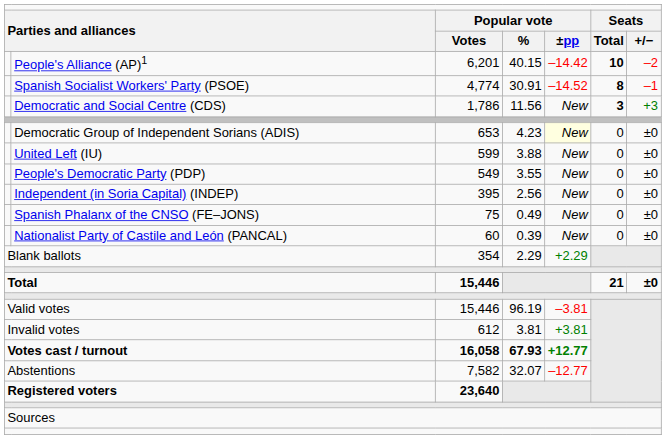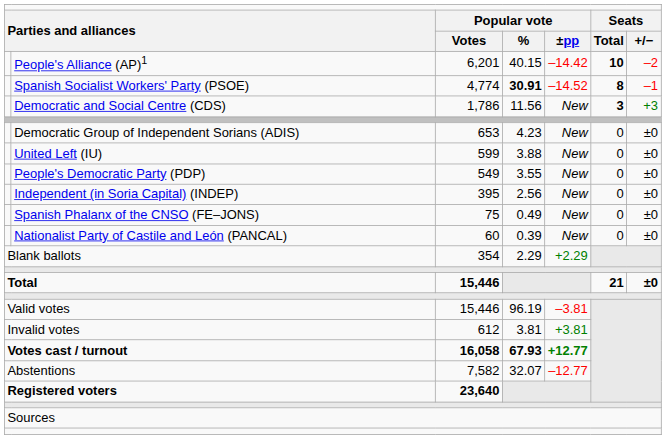 <table class="wikitable" style="text-align:right;">
 <tr>
 <td colspan="7"></td>
 </tr>
 <tr>
 <th style="text-align:left;" rowspan="2" colspan="2" width="525">Parties and alliances</th>
 <th colspan="3">Popular vote</th>
 <th colspan="2">Seats</th>
 </tr>
 <tr>
 <th width="75">Votes</th>
 <th width="45">%</th>
 <th width="45">±<a href='#'>pp</a></th>
 <th width="35">Total</th>
 <th width="35">+/−</th>
 </tr>
 <tr>
 <td width="1" style="color:inherit;background:"></td>
 <td align="left"><a href='#'>People's Alliance</a> (AP)<sup>1</sup></td>
 <td>6,201</td>
 <td>40.15</td>
 <td style="color:red;">–14.42</td>
 <td><strong>10</strong></td>
 <td style="color:red;">–2</td>
 </tr>
 <tr>
 <td style="color:inherit;background:"></td>
 <td align="left"><a href='#'>Spanish Socialist Workers' Party</a> (PSOE)</td>
 <td>4,774</td>
-<td>30.91</td>
+<td><strong>30.91</strong></td>
 <td style="color:red;">–14.52</td>
 <td><strong>8</strong></td>
 <td style="color:red;">–1</td>
 </tr>
 <tr>
 <td style="color:inherit;background:"></td>
 <td align="left"><a href='#'>Democratic and Social Centre</a> (CDS)</td>
 <td>1,786</td>
 <td>11.56</td>
 <td><em>New</em></td>
 <td><strong>3</strong></td>
 <td style="color:green;">+3</td>
 </tr>
 <tr>
 <td colspan="7" bgcolor="#C0C0C0"></td>
 </tr>
 <tr>
 <td style="color:inherit;background:"></td>
 <td align="left">Democratic Group of Independent Sorians (ADIS)</td>
 <td>653</td>
 <td>4.23</td>
-<td style="background: lightyellow;"><em>New</em></td>
+<td><em>New</em></td>
 <td>0</td>
 <td>±0</td>
 </tr>
 <tr>
 <td style="color:inherit;background:"></td>
 <td align="left"><a href='#'>United Left</a> (IU)</td>
 <td>599</td>
 <td>3.88</td>
 <td><em>New</em></td>
 <td>0</td>
 <td>±0</td>
 </tr>
 <tr>
 <td style="color:inherit;background:"></td>
 <td align="left"><a href='#'>People's Democratic Party</a> (PDP)</td>
 <td>549</td>
 <td>3.55</td>
 <td><em>New</em></td>
 <td>0</td>
 <td>±0</td>
 </tr>
 <tr>
 <td style="color:inherit;background:"></td>
 <td align="left"><a href='#'>Independent (in Soria Capital)</a> (INDEP)</td>
 <td>395</td>
 <td>2.56</td>
 <td><em>New</em></td>
 <td>0</td>
 <td>±0</td>
 </tr>
 <tr>
 <td style="color:inherit;background:"></td>
 <td align="left"><a href='#'>Spanish Phalanx of the CNSO</a> (FE–JONS)</td>
 <td>75</td>
 <td>0.49</td>
 <td><em>New</em></td>
 <td>0</td>
 <td>±0</td>
 </tr>
 <tr>
 <td style="color:inherit;background:"></td>
 <td align="left"><a href='#'>Nationalist Party of Castile and León</a> (PANCAL)</td>
 <td>60</td>
 <td>0.39</td>
 <td><em>New</em></td>
 <td>0</td>
 <td>±0</td>
 </tr>
 <tr>
 <td align="left" colspan="2">Blank ballots</td>
 <td>354</td>
 <td>2.29</td>
 <td style="color:green;">+2.29</td>
 <td bgcolor="#E9E9E9" colspan="2"></td>
 </tr>
 <tr>
 <td colspan="7" bgcolor="#E9E9E9"></td>
 </tr>
 <tr style="font-weight:bold;">
 <td align="left" colspan="2">Total</td>
 <td>15,446</td>
 <td bgcolor="#E9E9E9" colspan="2"></td>
 <td>21</td>
 <td>±0</td>
 </tr>
 <tr>
 <td colspan="7" bgcolor="#E9E9E9"></td>
 </tr>
 <tr>
 <td align="left" colspan="2">Valid votes</td>
 <td>15,446</td>
 <td>96.19</td>
 <td style="color:red;">–3.81</td>
 <td bgcolor="#E9E9E9" colspan="2" rowspan="5"></td>
 </tr>
 <tr>
 <td align="left" colspan="2">Invalid votes</td>
 <td>612</td>
 <td>3.81</td>
 <td style="color:green;">+3.81</td>
 </tr>
 <tr style="font-weight:bold;">
 <td align="left" colspan="2">Votes cast / turnout</td>
 <td>16,058</td>
 <td>67.93</td>
 <td style="color:green;">+12.77</td>
 </tr>
 <tr>
 <td align="left" colspan="2">Abstentions</td>
 <td>7,582</td>
 <td>32.07</td>
 <td style="color:red;">–12.77</td>
 </tr>
 <tr style="font-weight:bold;">
 <td align="left" colspan="2">Registered voters</td>
 <td>23,640</td>
 <td bgcolor="#E9E9E9" colspan="2"></td>
 </tr>
 <tr>
 <td colspan="7" bgcolor="#E9E9E9"></td>
 </tr>
 <tr>
 <td align="left" colspan="7">Sources</td>
 </tr>
 <tr>
 <td colspan="7" style="text-align:left; max-width:790px;"></td>
 </tr>
 </table>
